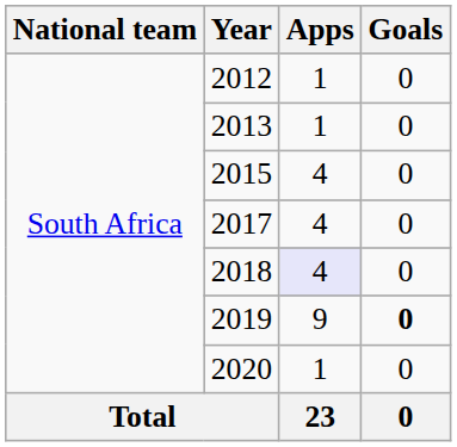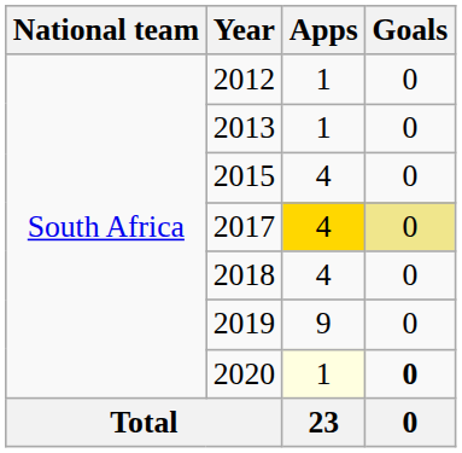 <table class="wikitable" style="text-align:center">
 <tr>
 <th>National team</th>
 <th>Year</th>
 <th>Apps</th>
 <th>Goals</th>
 </tr>
 <tr>
 <td rowspan="7"><a href='#'>South Africa</a></td>
 <td>2012</td>
 <td>1</td>
 <td>0</td>
 </tr>
 <tr>
 <td>2013</td>
 <td>1</td>
 <td>0</td>
 </tr>
 <tr>
 <td>2015</td>
 <td>4</td>
 <td>0</td>
 </tr>
 <tr>
 <td>2017</td>
-<td>4</td>
-<td>0</td>
+<td style="background: gold;">4</td>
+<td style="background: khaki;">0</td>
 </tr>
 <tr>
 <td>2018</td>
-<td style="background: lavender;">4</td>
+<td>4</td>
 <td>0</td>
 </tr>
 <tr>
 <td>2019</td>
 <td>9</td>
-<td><strong>0</strong></td>
+<td>0</td>
 </tr>
 <tr>
 <td>2020</td>
-<td>1</td>
-<td>0</td>
+<td style="background: lightyellow;">1</td>
+<td><strong>0</strong></td>
 </tr>
 <tr>
 <th colspan="2">Total</th>
 <th>23</th>
 <th>0</th>
 </tr>
 </table>
